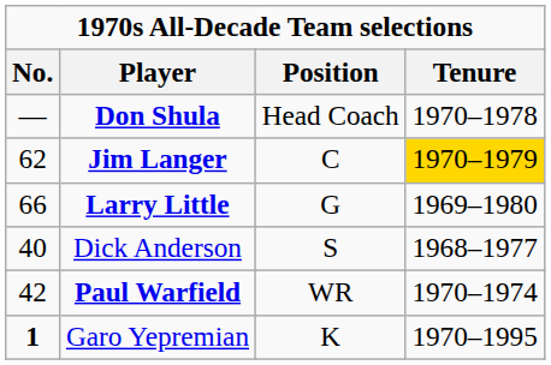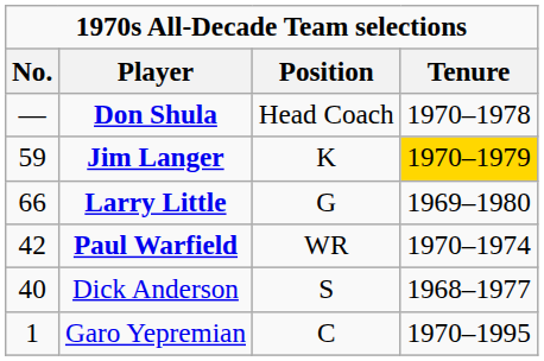 <table class="wikitable" style="text-align:center">
 <tr>
 <td colspan="4"><strong>1970s All-Decade Team selections</strong></td>
 </tr>
 <tr>
 <th>No.</th>
 <th>Player</th>
 <th>Position</th>
 <th>Tenure</th>
 </tr>
 <tr>
 <td>—</td>
 <td><strong><a href='#'>Don Shula</a></strong></td>
 <td>Head Coach</td>
 <td>1970–1978</td>
 </tr>
 <tr>
-<td>62</td>
+<td>59</td>
 <td><strong><a href='#'>Jim Langer</a></strong></td>
-<td>C</td>
+<td>K</td>
 <td style="background: gold;">1970–1979</td>
 </tr>
 <tr>
 <td>66</td>
 <td><strong><a href='#'>Larry Little</a></strong></td>
 <td>G</td>
 <td>1969–1980</td>
 </tr>
 <tr>
+<td>42</td>
+<td><strong><a href='#'>Paul Warfield</a></strong></td>
+<td>WR</td>
+<td>1970–1974</td>
+</tr>
+<tr>
 <td>40</td>
 <td><a href='#'>Dick Anderson</a></td>
 <td>S</td>
 <td>1968–1977</td>
 </tr>
 <tr>
-<td>42</td>
-<td><strong><a href='#'>Paul Warfield</a></strong></td>
-<td>WR</td>
-<td>1970–1974</td>
-</tr>
-<tr>
-<td><strong>1</strong></td>
+<td>1</td>
 <td><a href='#'>Garo Yepremian</a></td>
-<td>K</td>
+<td>C</td>
 <td>1970–1995</td>
 </tr>
 </table>
